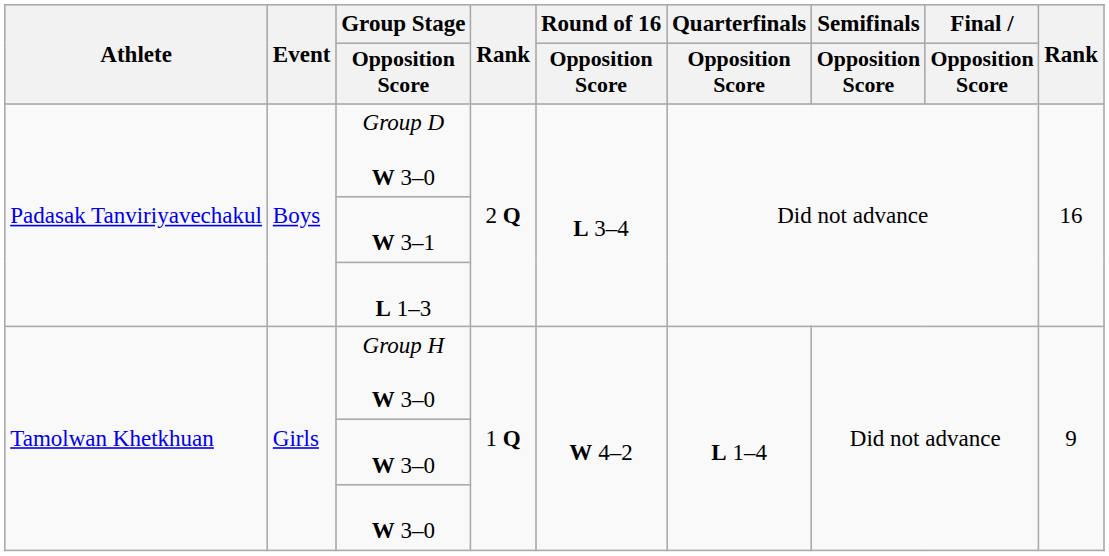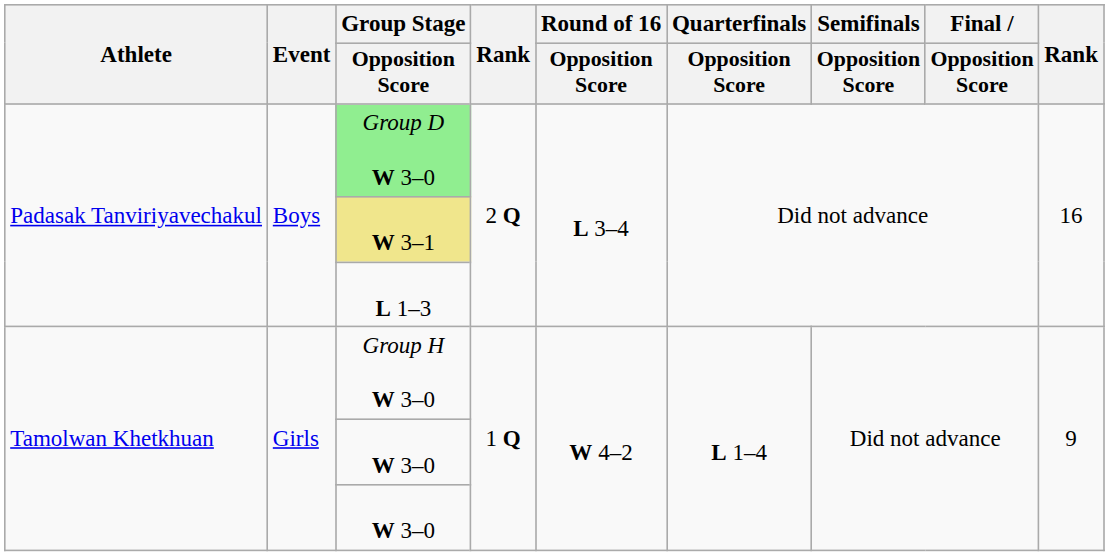 <table class=wikitable style="font-size:90%">
 <tr>
 <th rowspan="2">Athlete</th>
 <th rowspan="2">Event</th>
 <th>Group Stage</th>
 <th rowspan="2">Rank</th>
 <th>Round of 16</th>
 <th>Quarterfinals</th>
 <th>Semifinals</th>
 <th>Final / </th>
 <th rowspan=2>Rank</th>
 </tr>
 <tr style="font-size:95%">
 <th>Opposition<br>Score</th>
 <th>Opposition<br>Score</th>
 <th>Opposition<br>Score</th>
 <th>Opposition<br>Score</th>
 <th>Opposition<br>Score</th>
 </tr>
 <tr align=center>
 <td align=left rowspan=3><a href='#'>Padasak Tanviriyavechakul</a></td>
 <td align=left rowspan=3><a href='#'>Boys</a></td>
-<td><em>Group D</em><br><br><strong>W</strong> 3–0</td>
+<td style="background: lightgreen;"><em>Group D</em><br><br><strong>W</strong> 3–0</td>
 <td rowspan=3>2 <strong>Q</strong></td>
 <td rowspan=3><br><strong>L</strong> 3–4</td>
 <td rowspan=3 colspan=3 align=center>Did not advance</td>
 <td rowspan=3>16</td>
 </tr>
 <tr align=center>
-<td><br><strong>W</strong> 3–1</td>
+<td style="background: khaki;"><br><strong>W</strong> 3–1</td>
 </tr>
 <tr align=center>
 <td><br><strong>L</strong> 1–3</td>
 </tr>
 <tr align=center>
 <td align=left rowspan=3><a href='#'>Tamolwan Khetkhuan</a></td>
 <td align=left rowspan=3><a href='#'>Girls</a></td>
 <td><em>Group H</em><br><br><strong>W</strong> 3–0</td>
 <td rowspan=3>1 <strong>Q</strong></td>
 <td rowspan=3><br><strong>W</strong> 4–2</td>
 <td rowspan=3><br><strong>L</strong> 1–4</td>
 <td rowspan=3 colspan=2 align=center>Did not advance</td>
 <td rowspan=3>9</td>
 </tr>
 <tr align=center>
 <td><br><strong>W</strong> 3–0</td>
 </tr>
 <tr align=center>
 <td><br><strong>W</strong> 3–0</td>
 </tr>
 </table>
